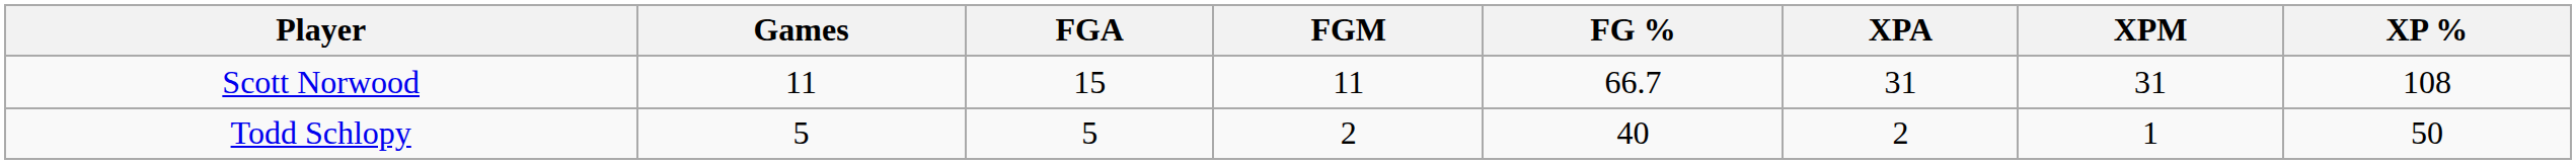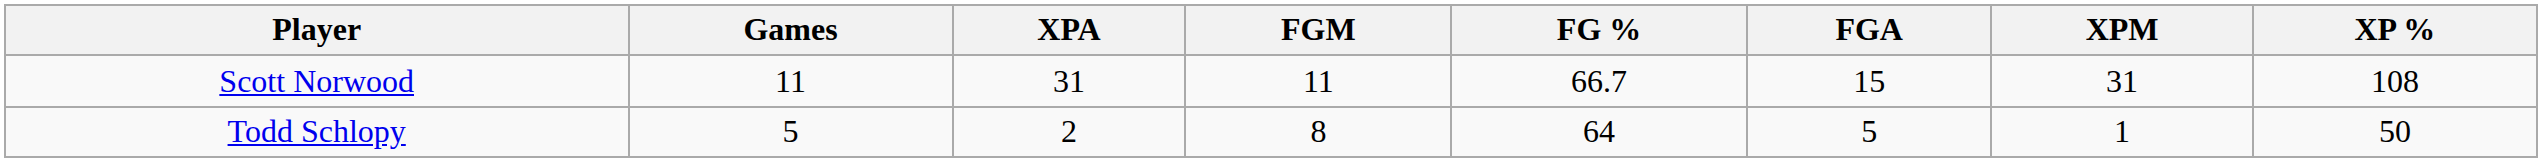 <table class="wikitable" style="width:80%;">
 <tr>
 <th>Player</th>
 <th>Games</th>
-<th>FGA</th>
+<th>XPA</th>
 <th>FGM</th>
 <th>FG %</th>
-<th>XPA</th>
+<th>FGA</th>
 <th>XPM</th>
 <th>XP %</th>
 </tr>
 <tr style="text-align:center;" bgcolor="">
 <td><a href='#'>Scott Norwood</a></td>
 <td>11</td>
-<td>15</td>
+<td>31</td>
 <td>11</td>
 <td>66.7</td>
-<td>31</td>
+<td>15</td>
 <td>31</td>
 <td>108</td>
 </tr>
 <tr style="text-align:center;" bgcolor="">
 <td><a href='#'>Todd Schlopy</a></td>
 <td>5</td>
+<td>2</td>
+<td>8</td>
+<td>64</td>
 <td>5</td>
-<td>2</td>
-<td>40</td>
-<td>2</td>
 <td>1</td>
 <td>50</td>
 </tr>
 </table>
